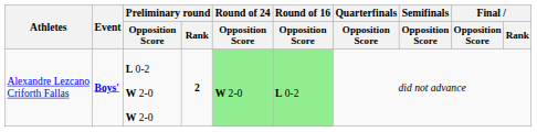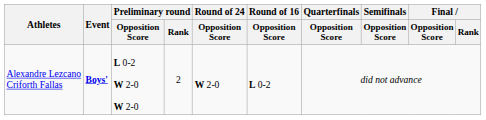 <table class=wikitable style="font-size:98%">
 <tr>
 <th rowspan=2>Athletes</th>
 <th rowspan=2>Event</th>
 <th colspan=2>Preliminary round</th>
 <th>Round of 24</th>
 <th>Round of 16</th>
 <th>Quarterfinals</th>
 <th>Semifinals</th>
 <th colspan=2>Final / </th>
 </tr>
 <tr style="font-size:95%">
 <th>Opposition<br>Score</th>
 <th>Rank</th>
 <th>Opposition<br>Score</th>
 <th>Opposition<br>Score</th>
 <th>Opposition<br>Score</th>
 <th>Opposition<br>Score</th>
 <th>Opposition<br>Score</th>
 <th>Rank</th>
 </tr>
 <tr align=center>
 <td align=left><a href='#'>Alexandre Lezcano</a><br><a href='#'>Criforth Fallas</a></td>
 <td align=left><strong><a href='#'>Boys'</a></strong></td>
 <td align=left><br> <strong>L</strong> 0-2 <br><br> <strong>W</strong> 2-0 <br><br> <strong>W</strong> 2-0</td>
-<td><strong>2</strong></td>
-<td align=left style="background: lightgreen;"><br> <strong>W</strong> 2-0</td>
-<td align=left style="background: lightgreen;"><br> <strong>L</strong> 0-2</td>
+<td>2</td>
+<td align=left><br> <strong>W</strong> 2-0</td>
+<td align=left><br> <strong>L</strong> 0-2</td>
 <td Colspan=4><em>did not advance</em></td>
 </tr>
 </table>
